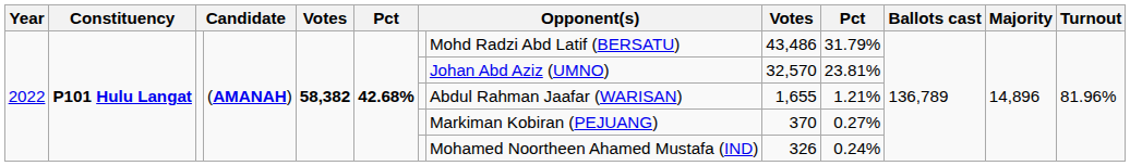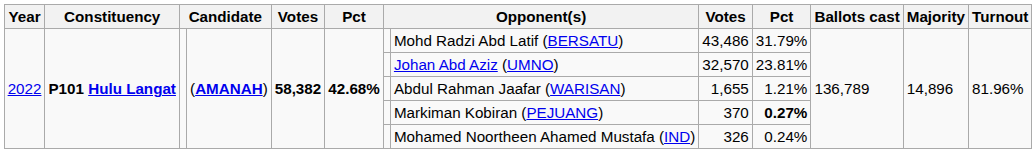 <table class="wikitable" style="margin:0.5em ; font-size:95%">
 <tr>
 <th>Year</th>
 <th>Constituency</th>
 <th colspan=2>Candidate</th>
 <th>Votes</th>
 <th>Pct</th>
 <th colspan=2>Opponent(s)</th>
 <th>Votes</th>
 <th>Pct</th>
 <th>Ballots cast</th>
 <th>Majority</th>
 <th>Turnout</th>
 </tr>
 <tr>
 <td rowspan="5"><a href='#'>2022</a></td>
 <td rowspan="5"><strong>P101 <a href='#'>Hulu Langat</a></strong></td>
 <td rowspan="5" ></td>
 <td rowspan="5"> (<a href='#'><strong>AMANAH</strong></a>)</td>
 <td rowspan="5" align="right"><strong>58,382</strong></td>
 <td rowspan="5"><strong>42.68%</strong></td>
 <td bgcolor=></td>
 <td>Mohd Radzi Abd Latif (<a href='#'>BERSATU</a>)</td>
 <td align="right">43,486</td>
 <td>31.79%</td>
 <td rowspan=5>136,789</td>
 <td rowspan=5>14,896</td>
 <td rowspan=5>81.96%</td>
 </tr>
 <tr>
 <td></td>
 <td><a href='#'>Johan Abd Aziz</a> (<a href='#'>UMNO</a>)</td>
 <td align="right">32,570</td>
 <td>23.81%</td>
 </tr>
 <tr>
 <td bgcolor=></td>
 <td>Abdul Rahman Jaafar (<a href='#'>WARISAN</a>)</td>
 <td align="right">1,655</td>
 <td align="right">1.21%</td>
 </tr>
 <tr>
 <td></td>
 <td>Markiman Kobiran (<a href='#'>PEJUANG</a>)</td>
 <td align="right">370</td>
-<td align="right">0.27%</td>
+<td align="right"><strong>0.27%</strong></td>
 </tr>
 <tr>
 <td></td>
 <td>Mohamed Noortheen Ahamed Mustafa (<a href='#'>IND</a>)</td>
 <td align="right">326</td>
 <td align="right">0.24%</td>
 </tr>
 </table>
